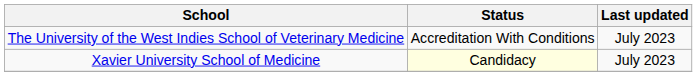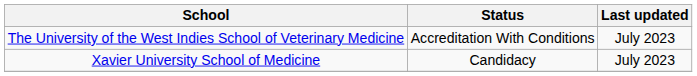 <table class="wikitable" style="text-align:center">
 <tr>
 <th>School</th>
 <th>Status</th>
 <th>Last updated</th>
 </tr>
 <tr>
 <td><a href='#'>The University of the West Indies School of Veterinary Medicine</a></td>
 <td>Accreditation With Conditions</td>
 <td>July 2023</td>
 </tr>
 <tr>
 <td><a href='#'>Xavier University School of Medicine</a></td>
-<td style="background: lightyellow;">Candidacy</td>
+<td>Candidacy</td>
 <td>July 2023</td>
 </tr>
 <tr>
 </tr>
 </table>
